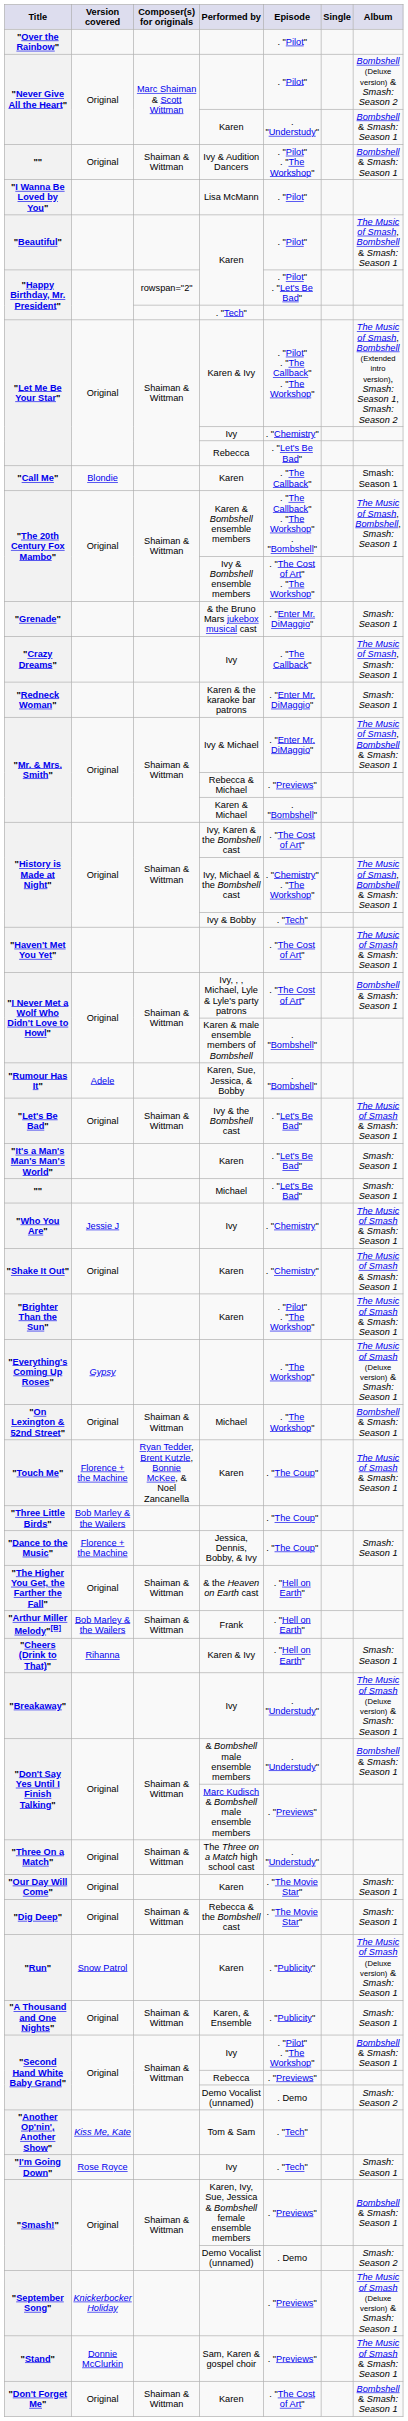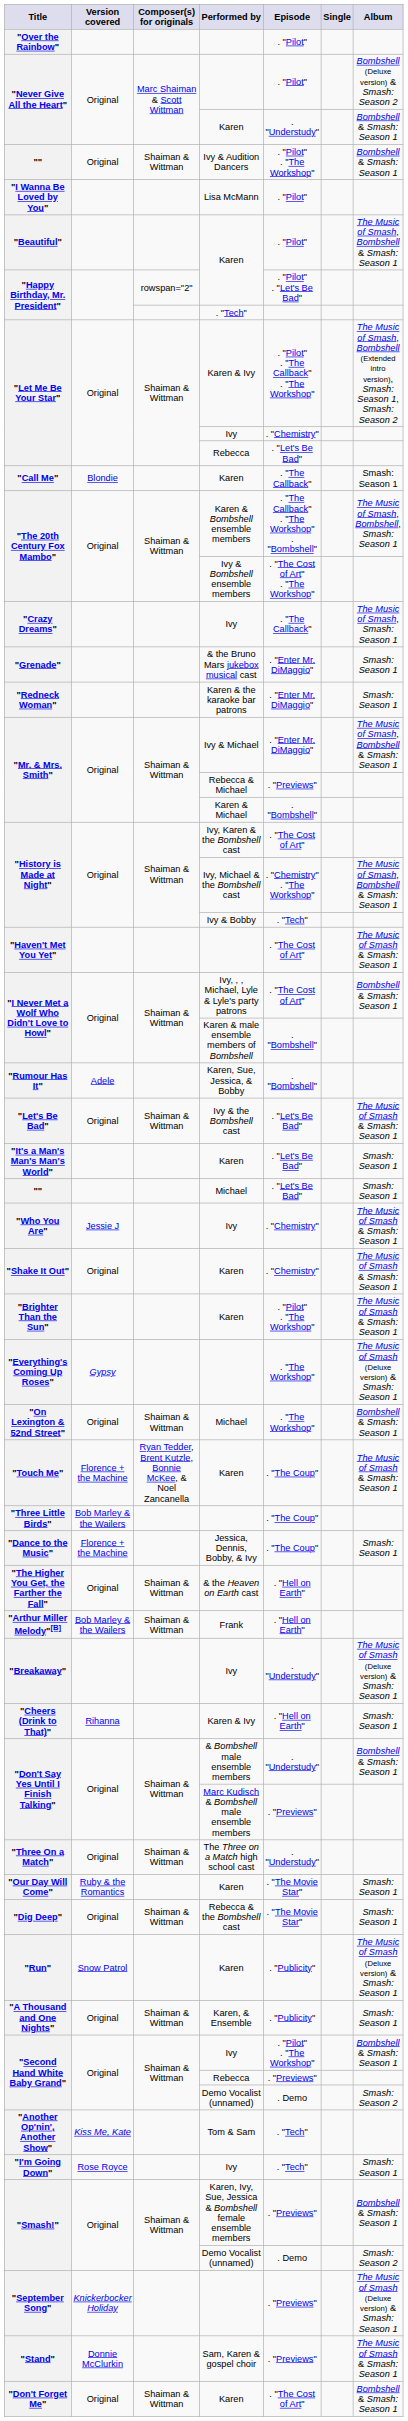 <table class="wikitable sortable" style="font-size:90%; text-align: center" width="100%">
 <tr>
 <th scope="col" style="background:#dde;" width="18%">Title</th>
 <th scope="col" style="background:#dde;" width="13%">Version covered</th>
 <th scope="col" style="background:#dde;" width="18%">Composer(s) for originals</th>
 <th scope="col" style="background:#dde;" width="21%">Performed by</th>
 <th scope="col" style="background:#dde;" width="14%">Episode</th>
 <th scope="col" style="background:#dde;" width="5%">Single</th>
 <th scope="col" style="background:#dde;" width="11%">Album</th>
 </tr>
 <tr>
 <th scope="row">"<a href='#'>Over the Rainbow</a>"</th>
 <td><em></em></td>
 <td></td>
 <td></td>
 <td>. "<a href='#'>Pilot</a>"</td>
 <td></td>
 <td></td>
 </tr>
 <tr>
 <th scope="row" rowspan="2">"<a href='#'>Never Give All the Heart</a>"</th>
 <td rowspan="2">Original</td>
 <td rowspan="2"><a href='#'>Marc Shaiman</a> & <a href='#'>Scott Wittman</a></td>
 <td></td>
 <td>. "<a href='#'>Pilot</a>"</td>
 <td></td>
 <td><em><a href='#'>Bombshell</a></em> <br> <small>(Deluxe version)</small> & <em>Smash: Season 2</em></td>
 </tr>
 <tr>
 <td>Karen</td>
 <td>. "<a href='#'>Understudy</a>"</td>
 <td></td>
 <td><em><a href='#'>Bombshell</a></em> & <em>Smash: Season 1</em></td>
 </tr>
 <tr>
 <th scope="row">""</th>
 <td>Original</td>
 <td>Shaiman & Wittman</td>
 <td>Ivy & Audition Dancers</td>
 <td>. "<a href='#'>Pilot</a>" <br> . "<a href='#'>The Workshop</a>"</td>
 <td></td>
 <td><em><a href='#'>Bombshell</a></em> & <em>Smash: Season 1</em></td>
 </tr>
 <tr>
 <th scope="row">"<a href='#'>I Wanna Be Loved by You</a>"</th>
 <td></td>
 <td></td>
 <td>Lisa McMann</td>
 <td>. "<a href='#'>Pilot</a>"</td>
 <td></td>
 <td></td>
 </tr>
 <tr>
 <th scope="row">"<a href='#'>Beautiful</a>"</th>
 <td></td>
 <td></td>
 <td rowspan="2">Karen</td>
 <td>. "<a href='#'>Pilot</a>"</td>
 <td></td>
 <td><em><a href='#'>The Music of Smash</a></em>, <em><a href='#'>Bombshell</a></em> & <em>Smash: Season 1</em></td>
 </tr>
 <tr>
 <th scope="row" rowspan="2">"<a href='#'>Happy Birthday, Mr. President</a>"</th>
 <td rowspan="2"></td>
 <td>rowspan="2" </td>
 <td>. "<a href='#'>Pilot</a>" <br> . "<a href='#'>Let's Be Bad</a>"</td>
 <td></td>
 <td></td>
 </tr>
 <tr>
 <td></td>
 <td>. "<a href='#'>Tech</a>"</td>
 <td></td>
 <td></td>
 </tr>
 <tr>
 <th scope="row" rowspan="3">"<a href='#'>Let Me Be Your Star</a>"</th>
 <td rowspan="3">Original</td>
 <td rowspan="3">Shaiman & Wittman</td>
 <td>Karen & Ivy</td>
 <td>. "<a href='#'>Pilot</a>"<br>. "<a href='#'>The Callback</a>"<br>. "<a href='#'>The Workshop</a>"</td>
 <td></td>
 <td><em><a href='#'>The Music of Smash</a></em>,<br><em><a href='#'>Bombshell</a></em> <small>(Extended intro version)</small>, <em>Smash: Season 1</em>, <em>Smash: Season 2 </em></td>
 </tr>
 <tr>
 <td>Ivy</td>
 <td>. "<a href='#'>Chemistry</a>"</td>
 <td></td>
 <td></td>
 </tr>
 <tr>
 <td>Rebecca</td>
 <td>. "<a href='#'>Let's Be Bad</a>"</td>
 <td></td>
 <td></td>
 </tr>
 <tr>
 <th scope="row">"<a href='#'>Call Me</a>"</th>
 <td><a href='#'>Blondie</a></td>
 <td></td>
 <td>Karen</td>
 <td>. "<a href='#'>The Callback</a>"</td>
 <td></td>
 <td>Smash: Season 1</td>
 </tr>
 <tr>
 <th scope="row" rowspan="2">"<a href='#'>The 20th Century Fox Mambo</a>"</th>
 <td rowspan="2">Original</td>
 <td rowspan="2">Shaiman & Wittman</td>
 <td>Karen & <em>Bombshell</em> ensemble members</td>
 <td>. "<a href='#'>The Callback</a>"<br>. "<a href='#'>The Workshop</a>"<br>. "<a href='#'>Bombshell</a>"</td>
 <td></td>
 <td><em><a href='#'>The Music of Smash</a></em>, <em><a href='#'>Bombshell</a></em>, <em>Smash: Season 1</em></td>
 </tr>
 <tr>
 <td>Ivy & <em>Bombshell</em> ensemble members</td>
 <td>. "<a href='#'>The Cost of Art</a>"<br>. "<a href='#'>The Workshop</a>"</td>
 <td></td>
 <td></td>
 </tr>
 <tr>
+<th scope="row">"<a href='#'>Crazy Dreams</a>"</th>
+<td></td>
+<td></td>
+<td>Ivy</td>
+<td>. "<a href='#'>The Callback</a>"</td>
+<td></td>
+<td><em><a href='#'>The Music of Smash</a></em>, <em>Smash: Season 1</em></td>
+</tr>
+<tr>
 <th scope="row">"<a href='#'>Grenade</a>"</th>
 <td></td>
 <td></td>
 <td> & the Bruno Mars <a href='#'>jukebox musical</a> cast</td>
 <td>. "<a href='#'>Enter Mr. DiMaggio</a>"</td>
 <td></td>
 <td><em>Smash: Season 1</em></td>
-</tr>
-<tr>
-<th scope="row">"<a href='#'>Crazy Dreams</a>"</th>
-<td></td>
-<td></td>
-<td>Ivy</td>
-<td>. "<a href='#'>The Callback</a>"</td>
-<td></td>
-<td><em><a href='#'>The Music of Smash</a></em>, <em>Smash: Season 1</em></td>
 </tr>
 <tr>
 <th scope="row">"<a href='#'>Redneck Woman</a>"</th>
 <td></td>
 <td></td>
 <td>Karen & the karaoke bar patrons</td>
 <td>. "<a href='#'>Enter Mr. DiMaggio</a>"</td>
 <td></td>
 <td><em>Smash: Season 1</em></td>
 </tr>
 <tr>
 <th scope="row" rowspan="3">"<a href='#'>Mr. & Mrs. Smith</a>"</th>
 <td rowspan="3">Original</td>
 <td rowspan="3">Shaiman & Wittman</td>
 <td>Ivy & Michael</td>
 <td>. "<a href='#'>Enter Mr. DiMaggio</a>"</td>
 <td></td>
 <td><em><a href='#'>The Music of Smash</a></em>, <em><a href='#'>Bombshell</a></em> & <em>Smash: Season 1</em></td>
 </tr>
 <tr>
 <td>Rebecca & Michael</td>
 <td>. "<a href='#'>Previews</a>"</td>
 <td></td>
 <td></td>
 </tr>
 <tr>
 <td>Karen & Michael</td>
 <td>. "<a href='#'>Bombshell</a>"</td>
 <td></td>
 <td></td>
 </tr>
 <tr>
 <th scope="row" rowspan="3">"<a href='#'>History is Made at Night</a>"</th>
 <td rowspan="3">Original</td>
 <td rowspan="3">Shaiman & Wittman</td>
 <td>Ivy, Karen & the <em>Bombshell</em> cast</td>
 <td>. "<a href='#'>The Cost of Art</a>"</td>
 <td></td>
 <td></td>
 </tr>
 <tr>
 <td>Ivy, Michael & the <em>Bombshell</em> cast</td>
 <td>. "<a href='#'>Chemistry</a>" <br> . "<a href='#'>The Workshop</a>"</td>
 <td></td>
 <td><em><a href='#'>The Music of Smash</a></em>, <em><a href='#'>Bombshell</a></em> & <em>Smash: Season 1</em></td>
 </tr>
 <tr>
 <td>Ivy & Bobby</td>
 <td>. "<a href='#'>Tech</a>"</td>
 <td></td>
 <td></td>
 </tr>
 <tr>
 <th scope="row">"<a href='#'>Haven't Met You Yet</a>"</th>
 <td></td>
 <td></td>
 <td></td>
 <td>. "<a href='#'>The Cost of Art</a>"</td>
 <td></td>
 <td><em><a href='#'>The Music of Smash</a></em> & <em>Smash: Season 1</em></td>
 </tr>
 <tr>
 <th scope="row" rowspan="2">"<a href='#'>I Never Met a Wolf Who Didn't Love to Howl</a>"</th>
 <td rowspan="2">Original</td>
 <td rowspan="2">Shaiman & Wittman</td>
 <td>Ivy, , , Michael, Lyle & Lyle's party patrons</td>
 <td>. "<a href='#'>The Cost of Art</a>"</td>
 <td></td>
 <td><em><a href='#'>Bombshell</a></em> & <em>Smash: Season 1</em></td>
 </tr>
 <tr>
 <td>Karen & male ensemble members of <em>Bombshell</em></td>
 <td>. "<a href='#'>Bombshell</a>"</td>
 <td></td>
 <td></td>
 </tr>
 <tr>
 <th scope="row">"<a href='#'>Rumour Has It</a>"</th>
 <td><a href='#'>Adele</a></td>
 <td></td>
 <td>Karen, Sue, Jessica, & Bobby</td>
 <td>. "<a href='#'>Bombshell</a>"</td>
 <td></td>
 <td></td>
 </tr>
 <tr>
 <th scope="row">"<a href='#'>Let's Be Bad</a>"</th>
 <td>Original</td>
 <td>Shaiman & Wittman</td>
 <td>Ivy & the <em>Bombshell</em> cast</td>
 <td>. "<a href='#'>Let's Be Bad</a>"</td>
 <td></td>
 <td><em><a href='#'>The Music of Smash</a></em> & <em>Smash: Season 1</em></td>
 </tr>
 <tr>
 <th scope="row">"<a href='#'>It's a Man's Man's Man's World</a>"</th>
 <td></td>
 <td></td>
 <td>Karen</td>
 <td>. "<a href='#'>Let's Be Bad</a>"</td>
 <td></td>
 <td><em>Smash: Season 1</em></td>
 </tr>
 <tr>
 <th scope="row">""</th>
 <td></td>
 <td></td>
 <td>Michael</td>
 <td>. "<a href='#'>Let's Be Bad</a>"</td>
 <td></td>
 <td><em>Smash: Season 1</em></td>
 </tr>
 <tr>
 <th scope="row">"<a href='#'>Who You Are</a>"</th>
 <td><a href='#'>Jessie J</a></td>
 <td></td>
 <td>Ivy</td>
 <td>. "<a href='#'>Chemistry</a>"</td>
 <td></td>
 <td><em><a href='#'>The Music of Smash</a></em> & <em>Smash: Season 1</em></td>
 </tr>
 <tr>
 <th scope="row">"<a href='#'>Shake It Out</a>"</th>
 <td>Original</td>
 <td></td>
 <td>Karen</td>
 <td>. "<a href='#'>Chemistry</a>"</td>
 <td></td>
 <td><em><a href='#'>The Music of Smash</a></em> & <em>Smash: Season 1</em></td>
 </tr>
 <tr>
 <th scope="row">"<a href='#'>Brighter Than the Sun</a>"</th>
 <td></td>
 <td></td>
 <td>Karen</td>
 <td>. "<a href='#'>Pilot</a>" <br> . "<a href='#'>The Workshop</a>"</td>
 <td></td>
 <td><em><a href='#'>The Music of Smash</a></em> & <em>Smash: Season 1</em></td>
 </tr>
 <tr>
 <th scope="row">"<a href='#'>Everything's Coming Up Roses</a>"</th>
 <td><em><a href='#'>Gypsy</a></em></td>
 <td></td>
 <td></td>
 <td>. "<a href='#'>The Workshop</a>"</td>
 <td></td>
 <td><em><a href='#'>The Music of Smash</a></em> <small>(Deluxe version)</small> & <em>Smash: Season 1</em></td>
 </tr>
 <tr>
 <th scope="row">"<a href='#'>On Lexington & 52nd Street</a>"</th>
 <td>Original</td>
 <td>Shaiman & Wittman</td>
 <td>Michael</td>
 <td>. "<a href='#'>The Workshop</a>"</td>
 <td></td>
 <td><em><a href='#'>Bombshell</a></em> & <em>Smash: Season 1</em></td>
 </tr>
 <tr>
 <th scope="row">"<a href='#'>Touch Me</a>"</th>
 <td><a href='#'>Florence + the Machine</a></td>
 <td><a href='#'>Ryan Tedder</a>, <a href='#'>Brent Kutzle</a>, <a href='#'>Bonnie McKee</a>, & Noel Zancanella</td>
 <td>Karen</td>
 <td>. "<a href='#'>The Coup</a>"</td>
 <td></td>
 <td><em><a href='#'>The Music of Smash</a></em> & <em>Smash: Season 1</em></td>
 </tr>
 <tr>
 <th scope="row">"<a href='#'>Three Little Birds</a>"</th>
 <td><a href='#'>Bob Marley & the Wailers</a></td>
 <td></td>
 <td></td>
 <td>. "<a href='#'>The Coup</a>"</td>
 <td></td>
 <td></td>
 </tr>
 <tr>
 <th scope="row">"<a href='#'>Dance to the Music</a>"</th>
 <td><a href='#'>Florence + the Machine</a></td>
 <td></td>
 <td>Jessica, Dennis, Bobby,  & Ivy</td>
 <td>. "<a href='#'>The Coup</a>"</td>
 <td></td>
 <td><em>Smash: Season 1</em></td>
 </tr>
 <tr>
 <th scope="row">"<a href='#'>The Higher You Get, the Farther the Fall</a>"</th>
 <td>Original</td>
 <td>Shaiman & Wittman</td>
 <td> & the <em>Heaven on Earth</em> cast</td>
 <td>. "<a href='#'>Hell on Earth</a>"</td>
 <td></td>
 <td></td>
 </tr>
 <tr>
 <th scope="row">"<a href='#'>Arthur Miller Melody</a>"<sup><a href='#'><strong>[B]</strong></a></sup></th>
 <td><a href='#'>Bob Marley & the Wailers</a></td>
 <td>Shaiman & Wittman</td>
 <td>Frank</td>
 <td>. "<a href='#'>Hell on Earth</a>"</td>
 <td></td>
 <td></td>
 </tr>
 <tr>
+<th scope="row">"<a href='#'>Breakaway</a>"</th>
+<td></td>
+<td></td>
+<td>Ivy</td>
+<td>. "<a href='#'>Understudy</a>"</td>
+<td></td>
+<td><em><a href='#'>The Music of Smash</a></em> <small>(Deluxe version)</small> & <em>Smash: Season 1</em></td>
+</tr>
+<tr>
 <th scope="row">"<a href='#'>Cheers (Drink to That)</a>"</th>
 <td><a href='#'>Rihanna</a></td>
 <td></td>
 <td>Karen & Ivy</td>
 <td>. "<a href='#'>Hell on Earth</a>"</td>
 <td></td>
 <td><em>Smash: Season 1</em></td>
-</tr>
-<tr>
-<th scope="row">"<a href='#'>Breakaway</a>"</th>
-<td></td>
-<td></td>
-<td>Ivy</td>
-<td>. "<a href='#'>Understudy</a>"</td>
-<td></td>
-<td><em><a href='#'>The Music of Smash</a></em> <small>(Deluxe version)</small> & <em>Smash: Season 1</em></td>
 </tr>
 <tr>
 <th scope="row" rowspan="2">"<a href='#'>Don't Say Yes Until I Finish Talking</a>"</th>
 <td rowspan="2">Original</td>
 <td rowspan="2">Shaiman & Wittman</td>
 <td> & <em>Bombshell</em> male ensemble members</td>
 <td>. "<a href='#'>Understudy</a>"</td>
 <td></td>
 <td><em><a href='#'>Bombshell</a></em> & <em>Smash: Season 1</em></td>
 </tr>
 <tr>
 <td><a href='#'>Marc Kudisch</a> & <em>Bombshell</em> male ensemble members</td>
 <td>. "<a href='#'>Previews</a>"</td>
 <td></td>
 <td></td>
 </tr>
 <tr>
 <th scope="row">"<a href='#'>Three On a Match</a>"</th>
 <td>Original</td>
 <td>Shaiman & Wittman</td>
 <td>The <em>Three on a Match</em> high school cast</td>
 <td>. "<a href='#'>Understudy</a>"</td>
 <td></td>
 <td></td>
 </tr>
 <tr>
 <th scope="row">"<a href='#'>Our Day Will Come</a>"</th>
-<td>Original</td>
+<td><a href='#'>Ruby & the Romantics</a></td>
 <td></td>
 <td>Karen</td>
 <td>. "<a href='#'>The Movie Star</a>"</td>
 <td></td>
 <td><em>Smash: Season 1</em></td>
 </tr>
 <tr>
 <th scope="row">"<a href='#'>Dig Deep</a>"</th>
 <td>Original</td>
 <td>Shaiman & Wittman</td>
 <td>Rebecca & the <em>Bombshell</em> cast</td>
 <td>. "<a href='#'>The Movie Star</a>"</td>
 <td></td>
 <td><em>Smash: Season 1</em></td>
 </tr>
 <tr>
 <th scope="row">"<a href='#'>Run</a>"</th>
 <td><a href='#'>Snow Patrol</a></td>
 <td></td>
 <td>Karen</td>
 <td>. "<a href='#'>Publicity</a>"</td>
 <td></td>
 <td><em><a href='#'>The Music of Smash</a></em> <br> <small>(Deluxe version)</small> & <em>Smash: Season 1</em></td>
 </tr>
 <tr>
 <th scope="row">"<a href='#'>A Thousand and One Nights</a>"</th>
 <td>Original</td>
 <td>Shaiman & Wittman</td>
 <td>Karen,  & Ensemble</td>
 <td>. "<a href='#'>Publicity</a>"</td>
 <td></td>
 <td><em>Smash: Season 1</em></td>
 </tr>
 <tr>
 <th scope="row" rowspan="3">"<a href='#'>Second Hand White Baby Grand</a>"</th>
 <td rowspan="3">Original</td>
 <td rowspan="3">Shaiman & Wittman</td>
 <td>Ivy</td>
 <td>. "<a href='#'>Pilot</a>" <br> . "<a href='#'>The Workshop</a>"</td>
 <td></td>
 <td><em><a href='#'>Bombshell</a></em> & <em>Smash: Season 1</em></td>
 </tr>
 <tr>
 <td>Rebecca</td>
 <td>. "<a href='#'>Previews</a>"</td>
 <td></td>
 <td></td>
 </tr>
 <tr>
 <td>Demo Vocalist (unnamed)</td>
 <td>. Demo</td>
 <td></td>
 <td><em>Smash: Season 2</em></td>
 </tr>
 <tr>
 <th scope="row">"<a href='#'>Another Op'nin', Another Show</a>"</th>
 <td><em><a href='#'>Kiss Me, Kate</a></em></td>
 <td></td>
 <td>Tom & Sam</td>
 <td>. "<a href='#'>Tech</a>"</td>
 <td></td>
 <td></td>
 </tr>
 <tr>
 <th scope="row">"<a href='#'>I'm Going Down</a>"</th>
 <td><a href='#'>Rose Royce</a></td>
 <td></td>
 <td>Ivy</td>
 <td>. "<a href='#'>Tech</a>"</td>
 <td></td>
 <td><em>Smash: Season 1</em></td>
 </tr>
 <tr>
 <th scope="row" rowspan="2">"<a href='#'>Smash!</a>"</th>
 <td rowspan="2">Original</td>
 <td rowspan="2">Shaiman & Wittman</td>
 <td>Karen, Ivy, Sue, Jessica & <em>Bombshell</em> female ensemble members</td>
 <td>. "<a href='#'>Previews</a>"</td>
 <td></td>
 <td><em><a href='#'>Bombshell</a></em> & <em>Smash: Season 1</em></td>
 </tr>
 <tr>
 <td>Demo Vocalist (unnamed)</td>
 <td>. Demo</td>
 <td></td>
 <td><em>Smash: Season 2</em></td>
 </tr>
 <tr>
 <th scope="row">"<a href='#'>September Song</a>"</th>
 <td><em><a href='#'>Knickerbocker Holiday</a></em></td>
 <td></td>
 <td></td>
 <td>. "<a href='#'>Previews</a>"</td>
 <td></td>
 <td><em><a href='#'>The Music of Smash</a></em><br><small>(Deluxe version)</small> & <em>Smash: Season 1</em></td>
 </tr>
 <tr>
 <th scope="row">"<a href='#'>Stand</a>"</th>
 <td><a href='#'>Donnie McClurkin</a></td>
 <td></td>
 <td>Sam, Karen & gospel choir</td>
 <td>. "<a href='#'>Previews</a>"</td>
 <td></td>
 <td><em><a href='#'>The Music of Smash</a></em> & <em>Smash: Season 1</em></td>
 </tr>
 <tr>
 <th scope="row">"<a href='#'>Don't Forget Me</a>"</th>
 <td>Original</td>
 <td>Shaiman & Wittman</td>
 <td>Karen</td>
 <td>. "<a href='#'>The Cost of Art</a>"</td>
 <td></td>
 <td><em><a href='#'>Bombshell</a></em> & <em>Smash: Season 1</em></td>
 </tr>
 </table>
